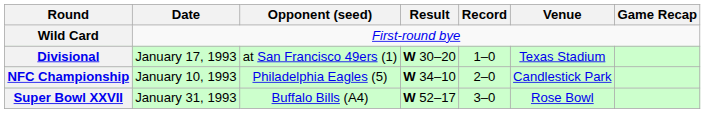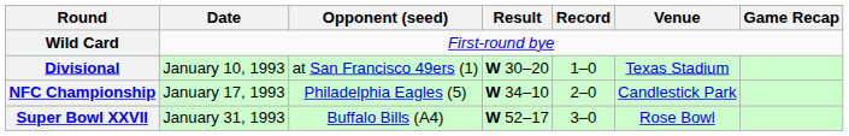 <table class="wikitable" style="text-align:center">
 <tr>
 <th>Round</th>
 <th>Date</th>
 <th>Opponent (seed)</th>
 <th>Result</th>
 <th>Record</th>
 <th>Venue</th>
 <th>Game Recap</th>
 </tr>
 <tr>
 <th>Wild Card</th>
 <td colspan=6><em><a href='#'>First-round bye</a></em></td>
 </tr>
 <tr style="background:#cfc">
 <th><a href='#'>Divisional</a></th>
-<td>January 17, 1993</td>
+<td>January 10, 1993</td>
 <td>at <a href='#'>San Francisco 49ers</a> (1)</td>
 <td><strong>W</strong> 30–20</td>
 <td>1–0</td>
 <td><a href='#'>Texas Stadium</a></td>
 <td></td>
 </tr>
 <tr style="background:#cfc">
 <th><a href='#'>NFC Championship</a></th>
-<td>January 10, 1993</td>
+<td>January 17, 1993</td>
 <td><a href='#'>Philadelphia Eagles</a> (5)</td>
 <td><strong>W</strong> 34–10</td>
 <td>2–0</td>
 <td><a href='#'>Candlestick Park</a></td>
 <td></td>
 </tr>
 <tr style="background:#cfc">
 <th><a href='#'>Super Bowl XXVII</a></th>
 <td>January 31, 1993</td>
 <td><a href='#'>Buffalo Bills</a> (A4)</td>
 <td><strong>W</strong> 52–17</td>
 <td>3–0</td>
 <td><a href='#'>Rose Bowl</a></td>
 <td></td>
 </tr>
 </table>
